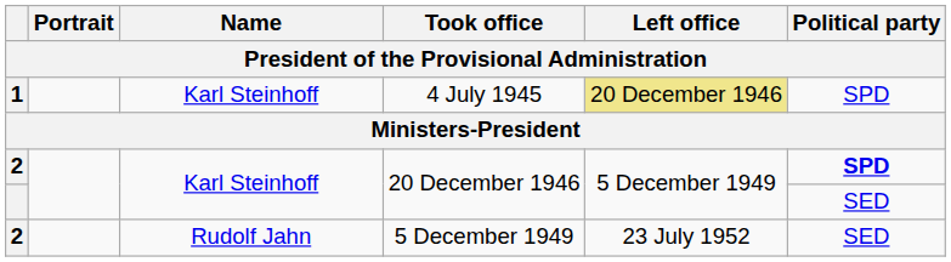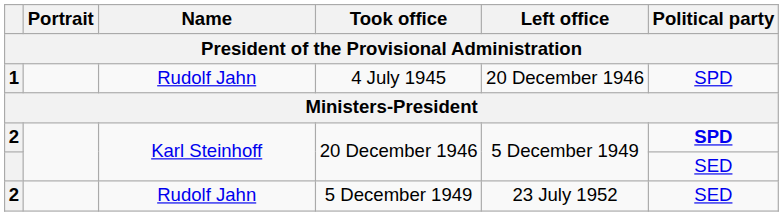 <table class="wikitable" style="text-align:center">
 <tr>
 <th></th>
 <th>Portrait</th>
 <th width=180>Name<br></th>
 <th>Took office</th>
 <th>Left office</th>
 <th>Political party</th>
 </tr>
 <tr>
 <th colspan=6>President of the Provisional Administration</th>
 </tr>
 <tr>
 <th style="background:">1</th>
 <td></td>
-<td><a href='#'>Karl Steinhoff</a><br></td>
+<td><a href='#'>Rudolf Jahn</a><br></td>
 <td>4 July 1945</td>
-<td style="background: khaki;">20 December 1946</td>
+<td>20 December 1946</td>
 <td><a href='#'>SPD</a></td>
 </tr>
 <tr>
 <th colspan=6>Ministers-President</th>
 </tr>
 <tr>
 <th style="background:">2</th>
 <td rowspan=2></td>
 <td rowspan=2><a href='#'>Karl Steinhoff</a><br></td>
 <td rowspan=2>20 December 1946</td>
 <td rowspan=2>5 December 1949</td>
 <td><strong><a href='#'>SPD</a><br></strong></td>
 </tr>
 <tr>
 <th style="background:"></th>
 <td><a href='#'>SED</a><br></td>
 </tr>
 <tr>
 <th style="background:">2</th>
 <td></td>
 <td><a href='#'>Rudolf Jahn</a><br></td>
 <td>5 December 1949</td>
 <td>23 July 1952</td>
 <td><a href='#'>SED</a></td>
 </tr>
 </table>
